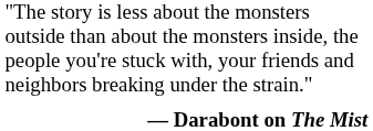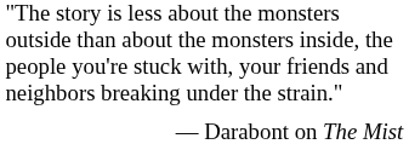 <table class="toccolours" style="float: right; margin-left: 1em; margin-right: 2em; font-size: 85%; width:30em; max-width: 40%;" cellspacing="5">
 <tr>
 <td style="text-align: left;">"The story is less about the monsters outside than about the monsters inside, the people you're stuck with, your friends and neighbors breaking under the strain."</td>
 </tr>
 <tr>
-<td style="text-align: right;"><strong>— Darabont on <em>The Mist</em></strong></td>
+<td style="text-align: right;">— Darabont on <em>The Mist</em></td>
 </tr>
 </table>
